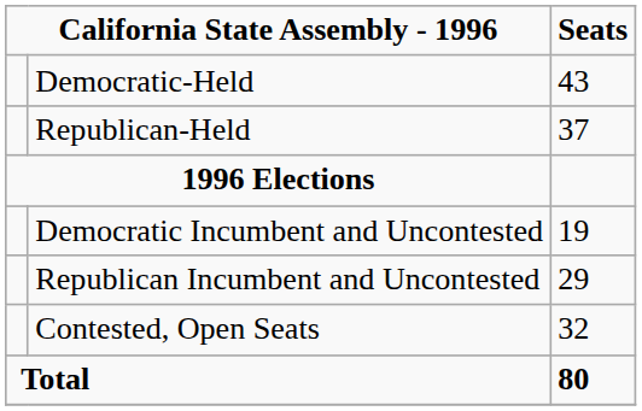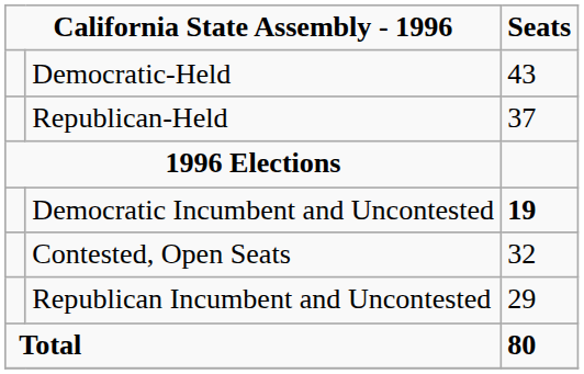 <table class="wikitable">
 <tr>
 <td colspan="2" rowspan="1" align="center" valign="top"><strong>California State Assembly - 1996</strong></td>
 <td style="vertical-align:top;"><strong>Seats</strong><br></td>
 </tr>
 <tr>
 <td style="background-color:"> </td>
 <td>Democratic-Held</td>
 <td>43</td>
 </tr>
 <tr>
 <td style="background-color:"> </td>
 <td>Republican-Held</td>
 <td>37</td>
 </tr>
 <tr>
 <td colspan="2" rowspan="1" align="center"><strong>1996 Elections</strong></td>
 </tr>
 <tr>
 <td style="background-color:"> </td>
 <td>Democratic Incumbent and Uncontested</td>
-<td>19</td>
+<td><strong>19</strong></td>
+</tr>
+<tr>
+<td style="background-color:"> </td>
+<td>Contested, Open Seats</td>
+<td>32</td>
 </tr>
 <tr>
 <td style="background-color:"> </td>
 <td>Republican Incumbent and Uncontested</td>
 <td>29</td>
-</tr>
-<tr>
-<td style="background-color:"> </td>
-<td>Contested, Open Seats</td>
-<td>32</td>
 </tr>
 <tr>
 <td colspan="2" rowspan="1"> <strong>Total</strong><br></td>
 <td><strong>80</strong></td>
 </tr>
 <tr>
 </tr>
 </table>
